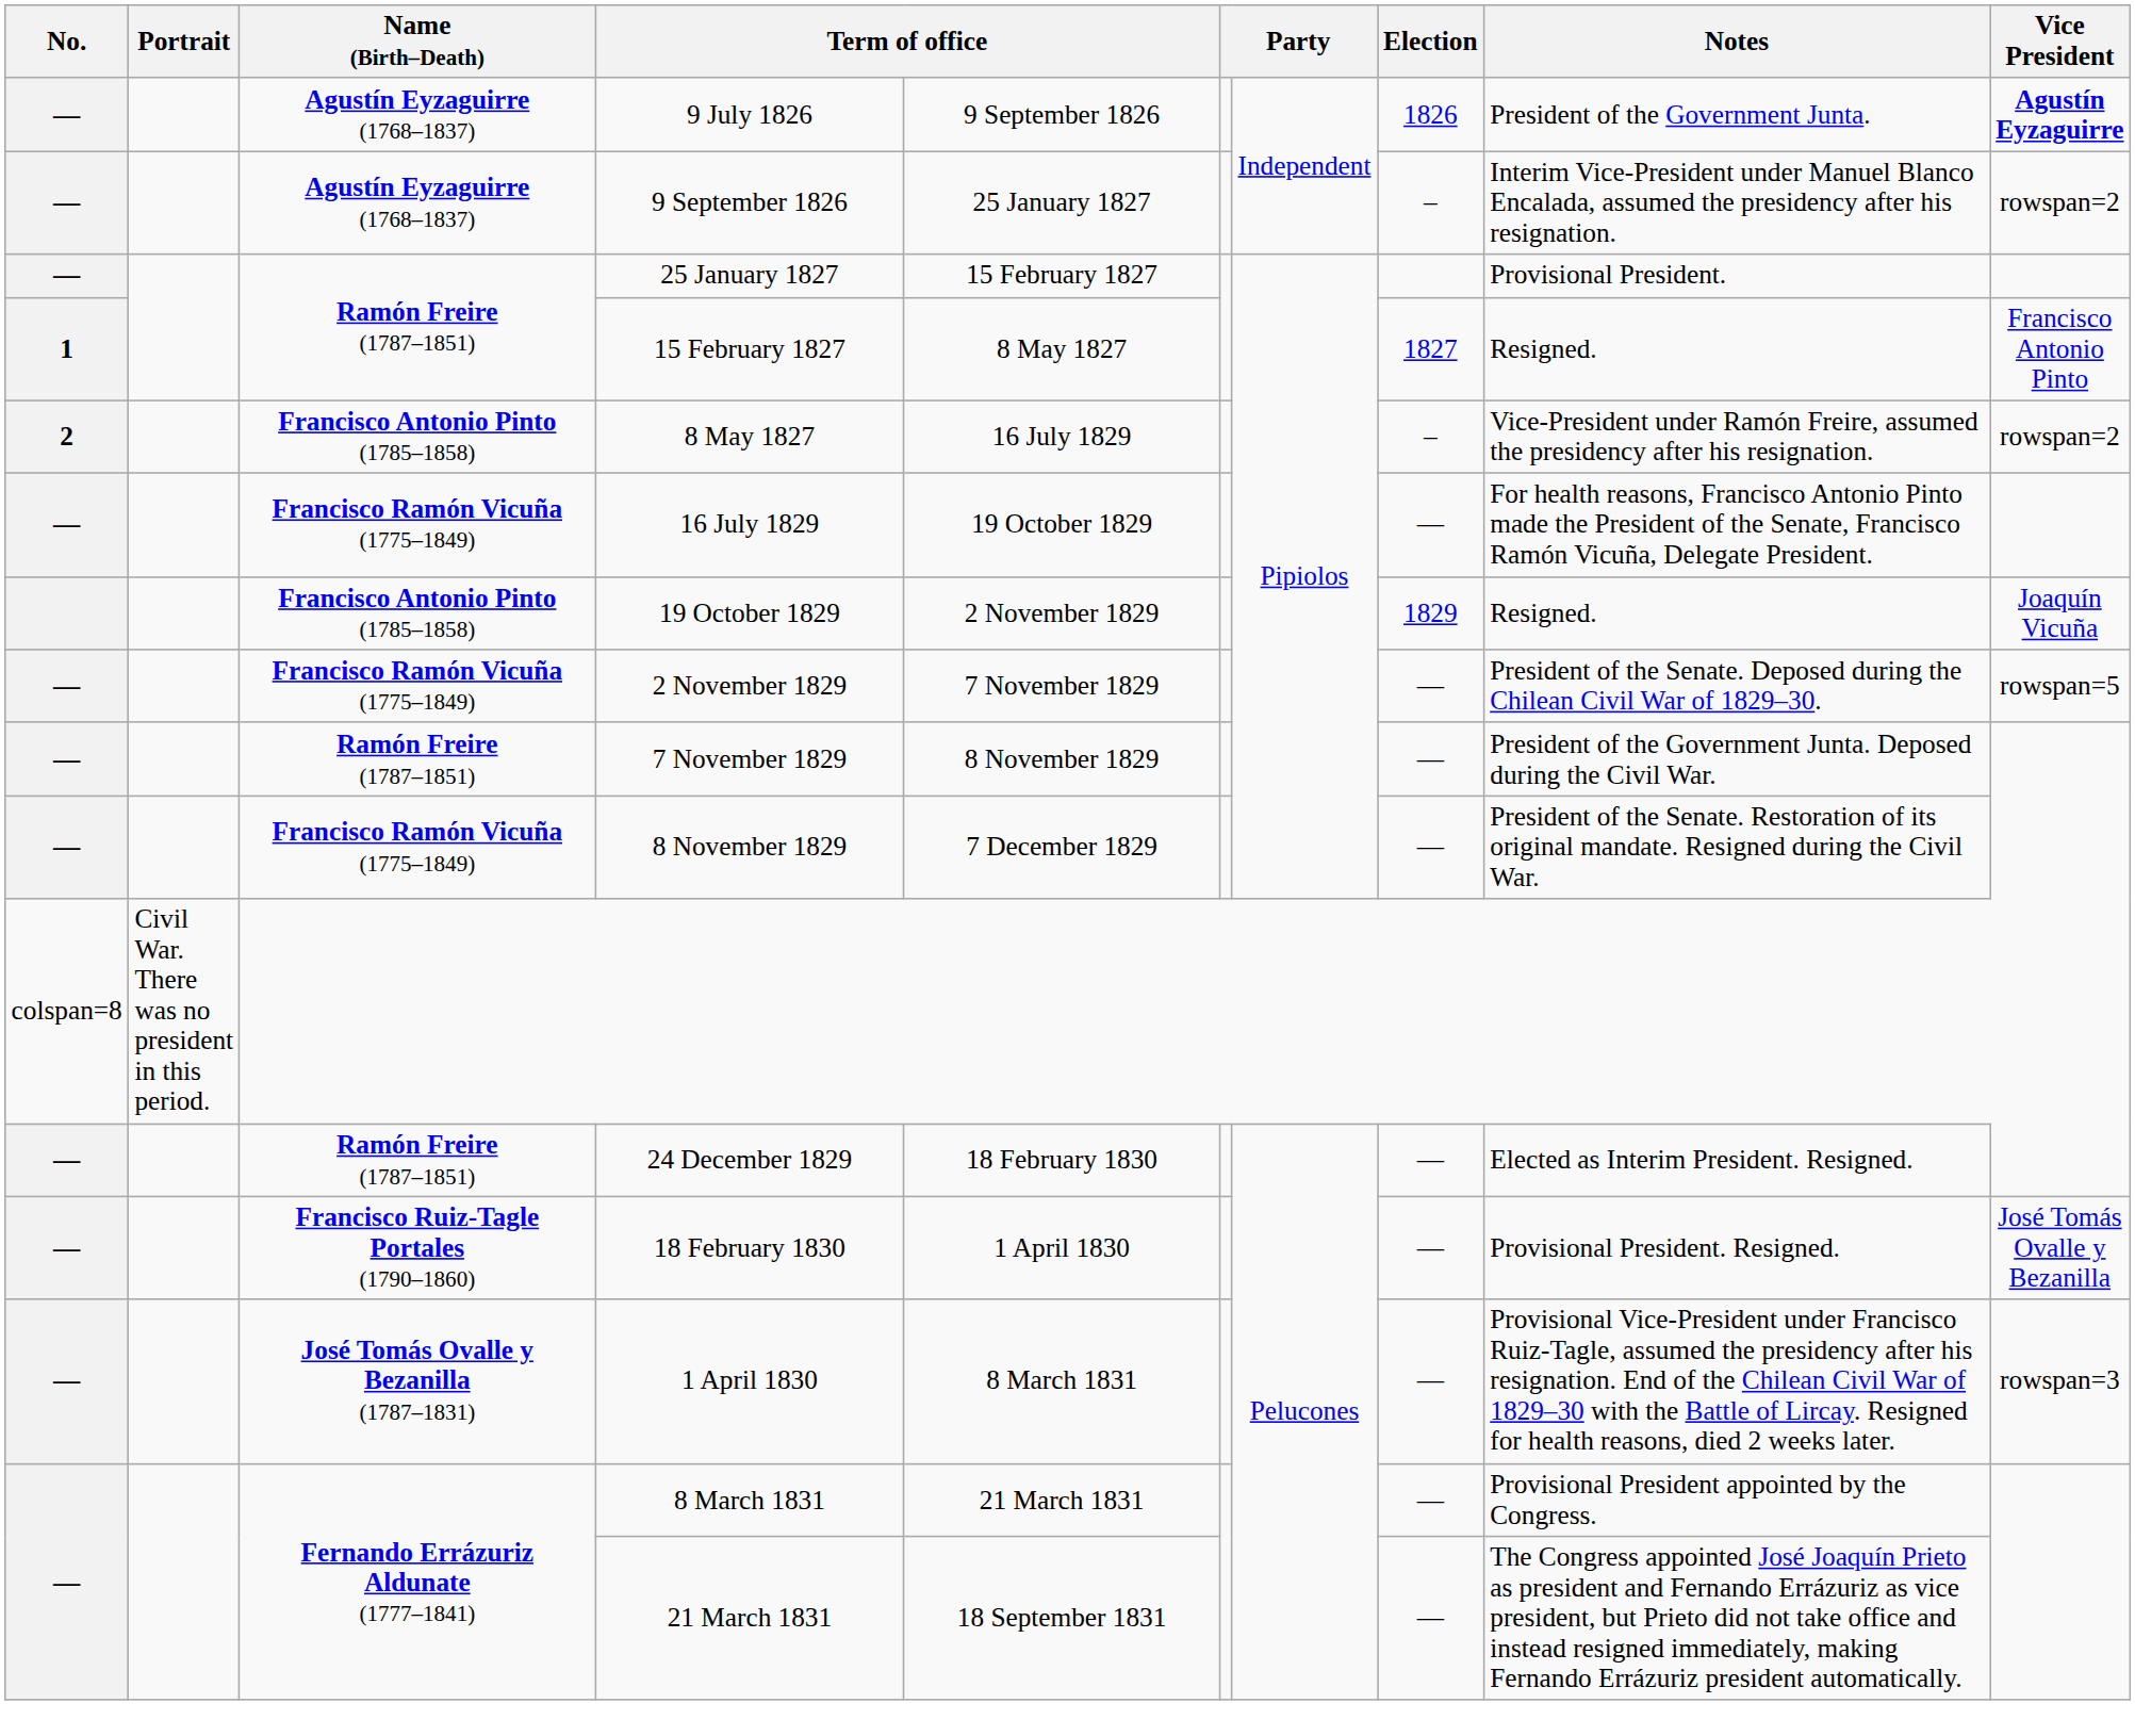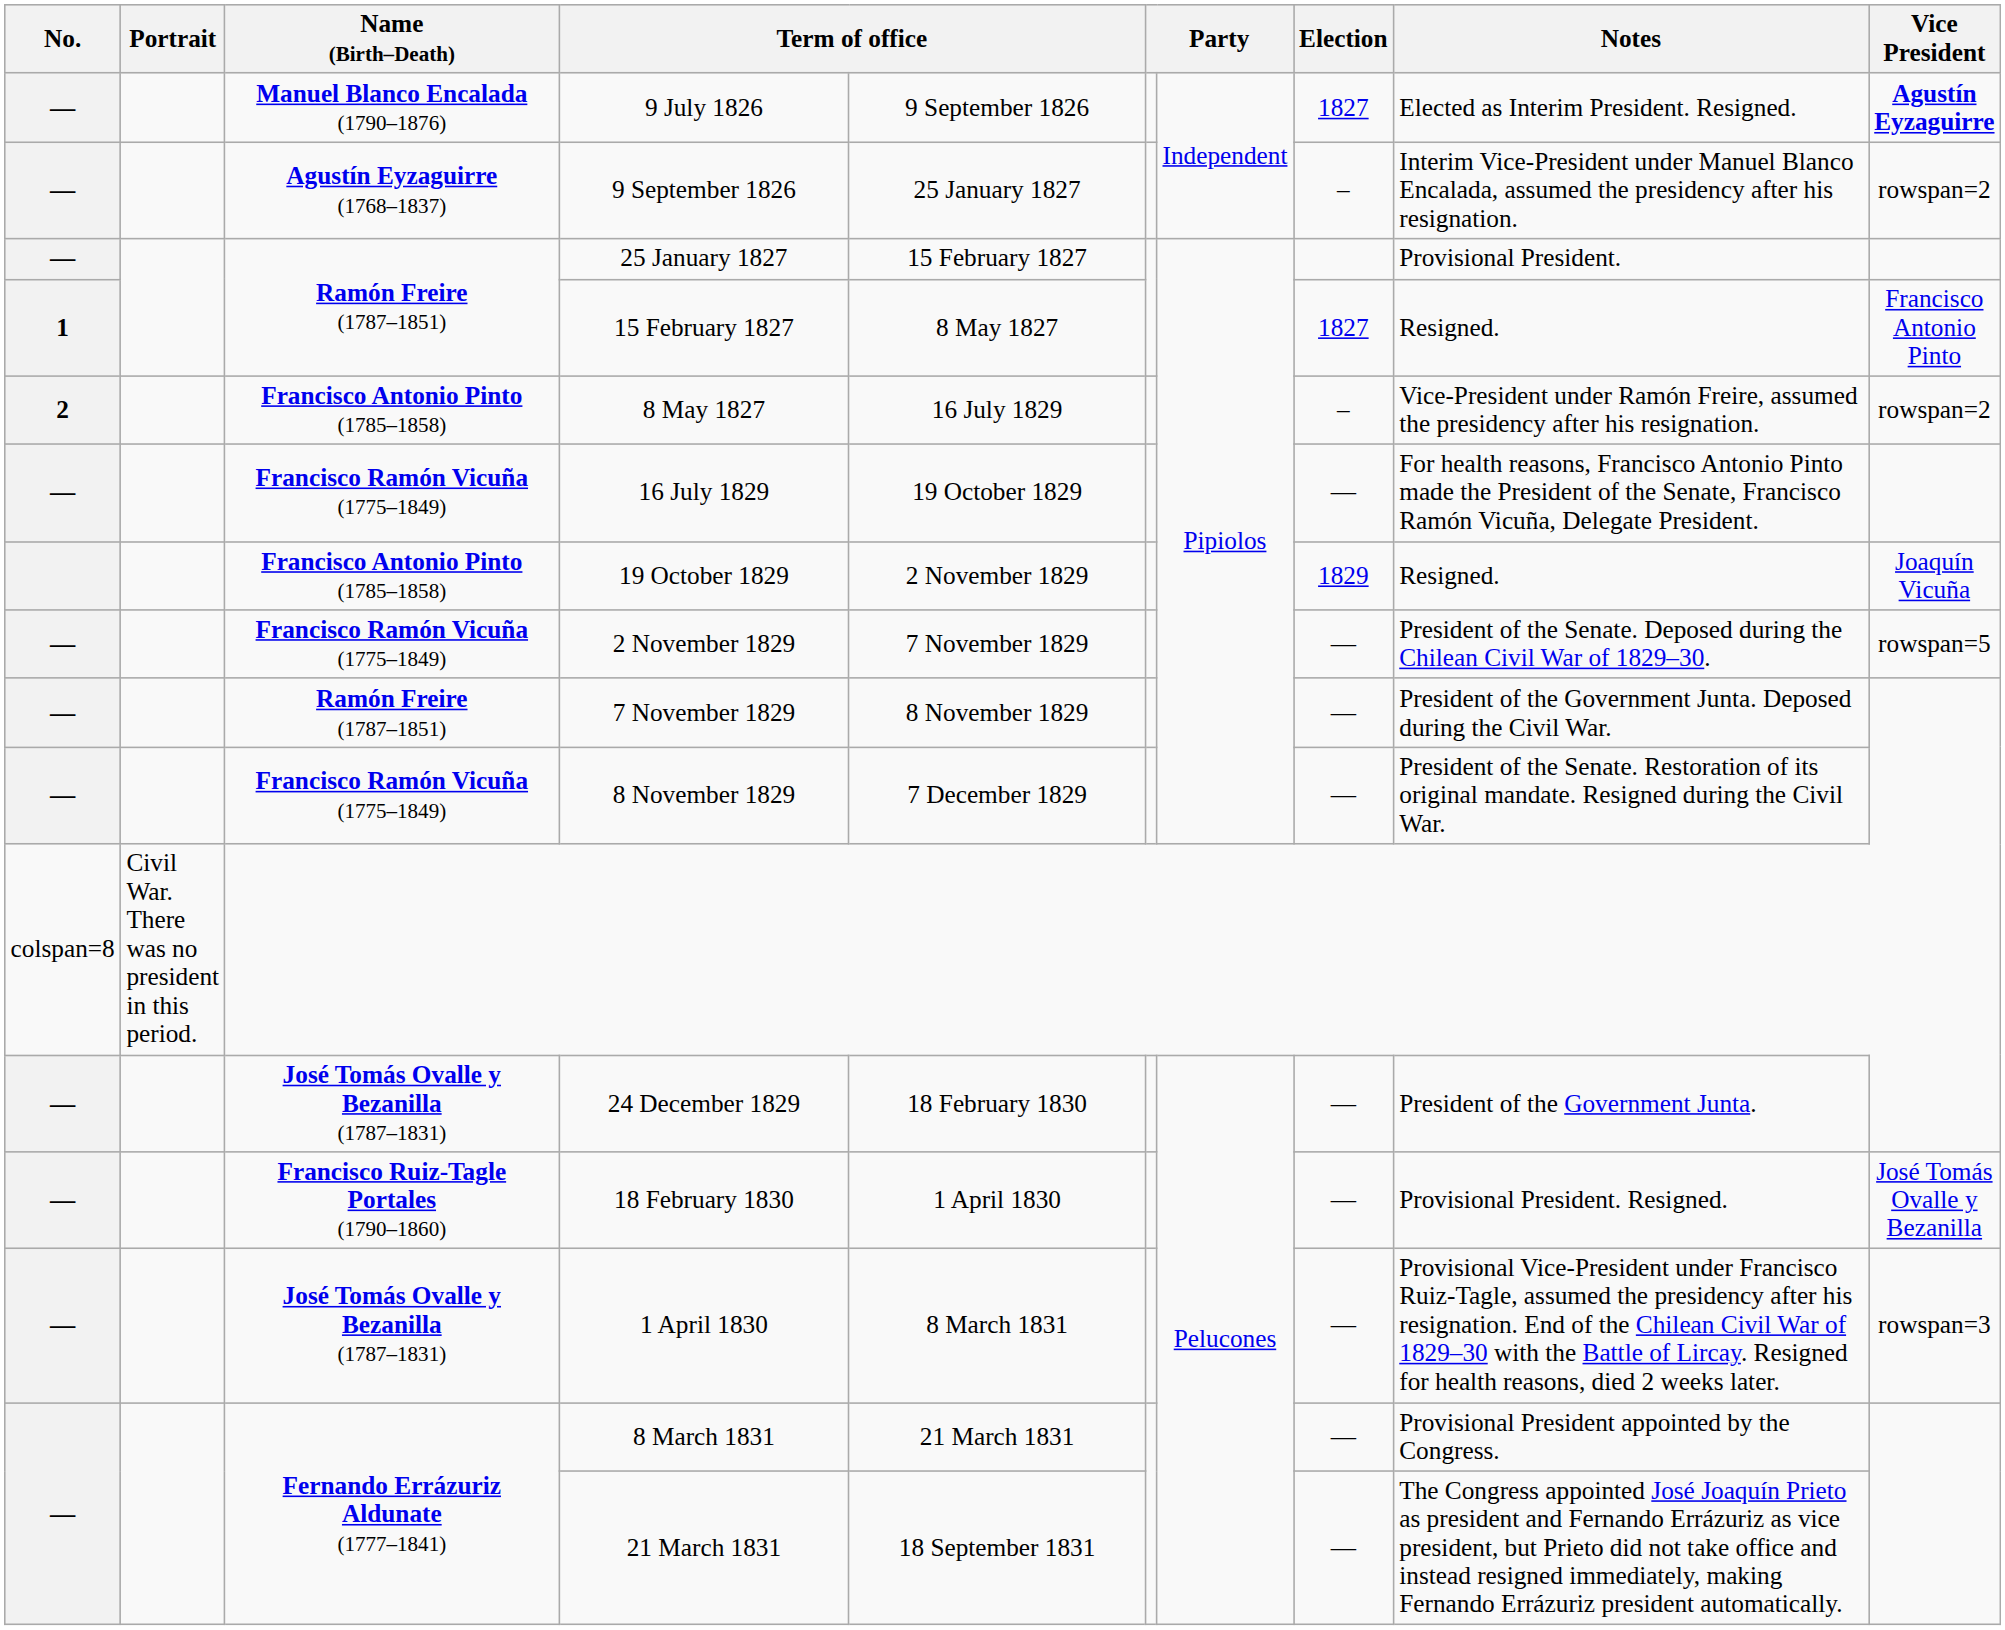 <table class="wikitable" width="100%" style="text-align: center;">
 <tr>
 <th width="2%">No.</th>
 <th width="5%">Portrait</th>
 <th width="20%">Name<br><small>(Birth–Death)</small></th>
 <th colspan="2" width="35%">Term of office</th>
 <th width="5%" colspan=2>Party</th>
 <th width="4%">Election</th>
 <th width="29%">Notes</th>
 <th>Vice President</th>
 </tr>
 <tr>
 <th>—</th>
 <td></td>
-<td><strong><a href='#'>Agustín Eyzaguirre</a></strong><br><small>(1768–1837)</small></td>
+<td><strong><a href='#'>Manuel Blanco Encalada</a></strong><br><small>(1790–1876)</small></td>
 <td>9 July 1826</td>
 <td>9 September 1826</td>
 <td style="background-color:"></td>
 <td rowspan="2"><a href='#'>Independent</a></td>
-<td><a href='#'>1826</a></td>
-<td align=left>President of the <a href='#'>Government Junta</a>.</td>
+<td><a href='#'>1827</a></td>
+<td align=left>Elected as Interim President. Resigned.</td>
 <td><strong><a href='#'>Agustín Eyzaguirre</a></strong></td>
 </tr>
 <tr>
 <th>—</th>
 <td></td>
 <td><strong><a href='#'>Agustín Eyzaguirre</a></strong><br><small>(1768–1837)</small></td>
 <td>9 September 1826</td>
 <td>25 January 1827</td>
 <td style="background-color:"></td>
 <td>–</td>
 <td align=left>Interim Vice-President under Manuel Blanco Encalada, assumed the presidency after his resignation.</td>
 <td>rowspan=2 </td>
 </tr>
 <tr>
 <th>—</th>
 <td rowspan=2></td>
 <td rowspan=2><strong><a href='#'>Ramón Freire</a></strong><br><small>(1787–1851)</small></td>
 <td>25 January 1827</td>
 <td>15 February 1827</td>
 <td rowspan=2 style="background-color:"></td>
 <td rowspan="8"><a href='#'>Pipiolos</a></td>
 <td></td>
 <td align=left>Provisional President.</td>
 </tr>
 <tr>
 <th>1</th>
 <td>15 February 1827</td>
 <td>8 May 1827</td>
 <td><a href='#'>1827</a></td>
 <td align=left>Resigned.</td>
 <td><a href='#'>Francisco Antonio Pinto</a></td>
 </tr>
 <tr>
 <th>2</th>
 <td></td>
 <td><strong><a href='#'>Francisco Antonio Pinto</a></strong><br><small>(1785–1858)</small></td>
 <td>8 May 1827</td>
 <td>16 July 1829</td>
 <td style="background-color:"></td>
 <td>–</td>
 <td align=left>Vice-President under Ramón Freire, assumed the presidency after his resignation.</td>
 <td>rowspan=2 </td>
 </tr>
 <tr>
 <th>—</th>
 <td></td>
 <td><strong><a href='#'>Francisco Ramón Vicuña</a></strong><br><small>(1775–1849)</small></td>
 <td>16 July 1829</td>
 <td>19 October 1829</td>
 <td style="background-color:"></td>
 <td>—</td>
 <td align=left>For health reasons, Francisco Antonio Pinto made the President of the Senate, Francisco Ramón Vicuña, Delegate President.</td>
 </tr>
 <tr>
 <th></th>
 <td></td>
 <td><strong><a href='#'>Francisco Antonio Pinto</a></strong><br><small>(1785–1858)</small></td>
 <td>19 October 1829</td>
 <td>2 November 1829</td>
 <td style="background-color:"></td>
 <td><a href='#'>1829</a></td>
 <td align=left>Resigned.</td>
 <td><a href='#'>Joaquín Vicuña</a></td>
 </tr>
 <tr>
 <th>—</th>
 <td></td>
 <td><strong><a href='#'>Francisco Ramón Vicuña</a></strong><br><small>(1775–1849)</small></td>
 <td>2 November 1829</td>
 <td>7 November 1829</td>
 <td style="background-color:"></td>
 <td>—</td>
 <td align=left>President of the Senate. Deposed during the <a href='#'>Chilean Civil War of 1829–30</a>.</td>
 <td>rowspan=5 </td>
 </tr>
 <tr>
 <th>—</th>
 <td></td>
 <td><strong><a href='#'>Ramón Freire</a></strong><br><small>(1787–1851)</small></td>
 <td>7 November 1829</td>
 <td>8 November 1829</td>
 <td style="background-color:"></td>
 <td>—</td>
 <td align=left>President of the Government Junta. Deposed during the Civil War.</td>
 </tr>
 <tr>
 <th>—</th>
 <td></td>
 <td><strong><a href='#'>Francisco Ramón Vicuña</a></strong><br><small>(1775–1849)</small></td>
 <td>8 November 1829</td>
 <td>7 December 1829</td>
 <td style="background-color:"></td>
 <td>—</td>
 <td align=left>President of the Senate. Restoration of its original mandate. Resigned during the Civil War.</td>
 </tr>
 <tr>
 <td>colspan=8 </td>
 <td align=left>Civil War. There was no president in this period.</td>
 </tr>
 <tr>
 <th>—</th>
 <td></td>
-<td><strong><a href='#'>Ramón Freire</a></strong><br><small>(1787–1851)</small></td>
+<td><strong><a href='#'>José Tomás Ovalle y Bezanilla</a></strong><br><small>(1787–1831)</small></td>
 <td>24 December 1829</td>
 <td>18 February 1830</td>
 <td style="background-color:"></td>
 <td rowspan="5"><a href='#'>Pelucones</a></td>
 <td>—</td>
-<td align=left>Elected as Interim President. Resigned.</td>
+<td align=left>President of the <a href='#'>Government Junta</a>.</td>
 </tr>
 <tr>
 <th>—</th>
 <td></td>
 <td><strong><a href='#'>Francisco Ruiz-Tagle Portales</a></strong><br><small>(1790–1860)</small></td>
 <td>18 February 1830</td>
 <td>1 April 1830</td>
 <td style="background-color:"></td>
 <td>—</td>
 <td align=left>Provisional President. Resigned.</td>
 <td><a href='#'>José Tomás Ovalle y Bezanilla</a></td>
 </tr>
 <tr>
 <th>—</th>
 <td></td>
 <td><strong><a href='#'>José Tomás Ovalle y Bezanilla</a></strong><br><small>(1787–1831)</small></td>
 <td>1 April 1830</td>
 <td>8 March 1831</td>
 <td style="background-color:"></td>
 <td>—</td>
 <td align=left>Provisional Vice-President under Francisco Ruiz-Tagle, assumed the presidency after his resignation. End of the <a href='#'>Chilean Civil War of 1829–30</a> with the <a href='#'>Battle of Lircay</a>. Resigned for health reasons, died 2 weeks later.</td>
 <td>rowspan=3 </td>
 </tr>
 <tr>
 <th rowspan=2>—</th>
 <td rowspan=2></td>
 <td rowspan=2><strong><a href='#'>Fernando Errázuriz Aldunate</a></strong><br><small>(1777–1841)</small></td>
 <td>8 March 1831</td>
 <td>21 March 1831</td>
 <td rowspan=2 style="background-color:"></td>
 <td>—</td>
 <td align=left>Provisional President appointed by the Congress.</td>
 </tr>
 <tr>
 <td>21 March 1831</td>
 <td>18 September 1831</td>
 <td>—</td>
 <td align=left>The Congress appointed <a href='#'>José Joaquín Prieto</a> as president and Fernando Errázuriz as vice president, but Prieto did not take office and instead resigned immediately, making Fernando Errázuriz president automatically.</td>
 </tr>
 </table>
